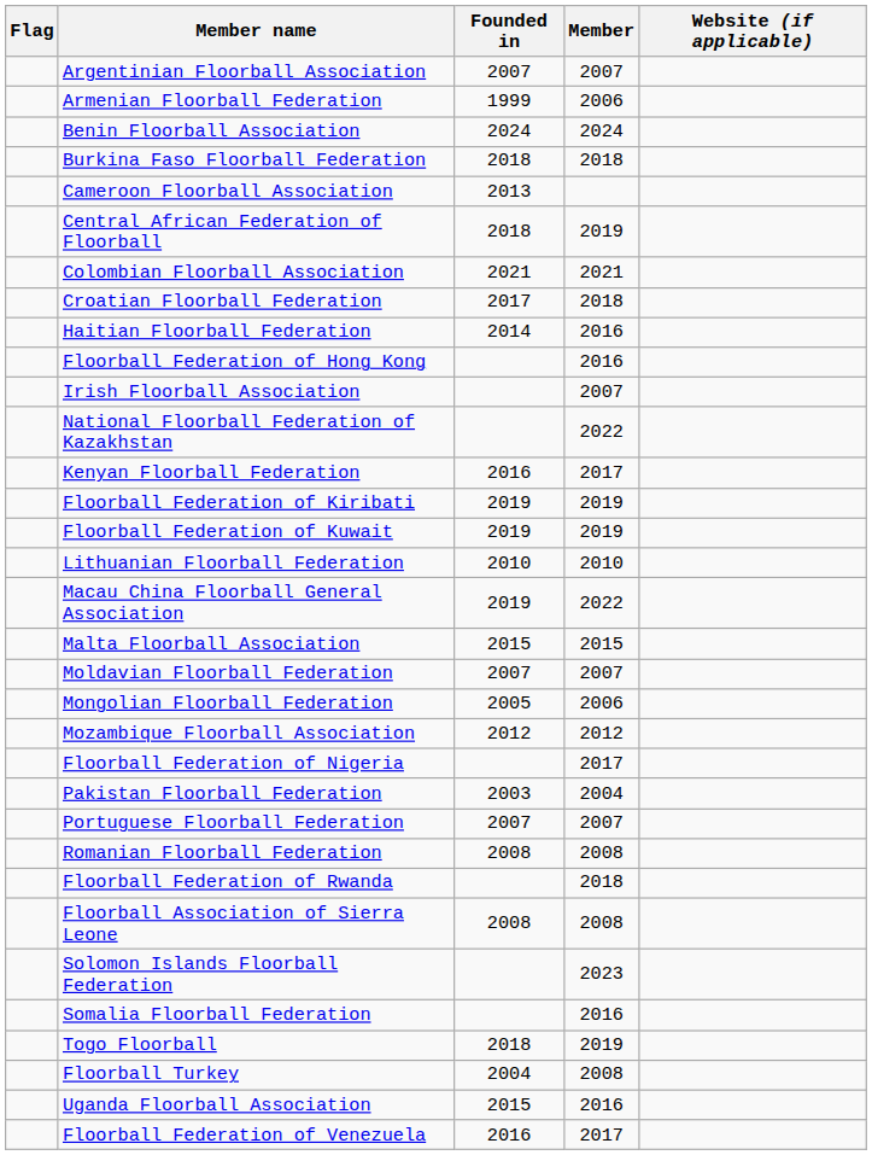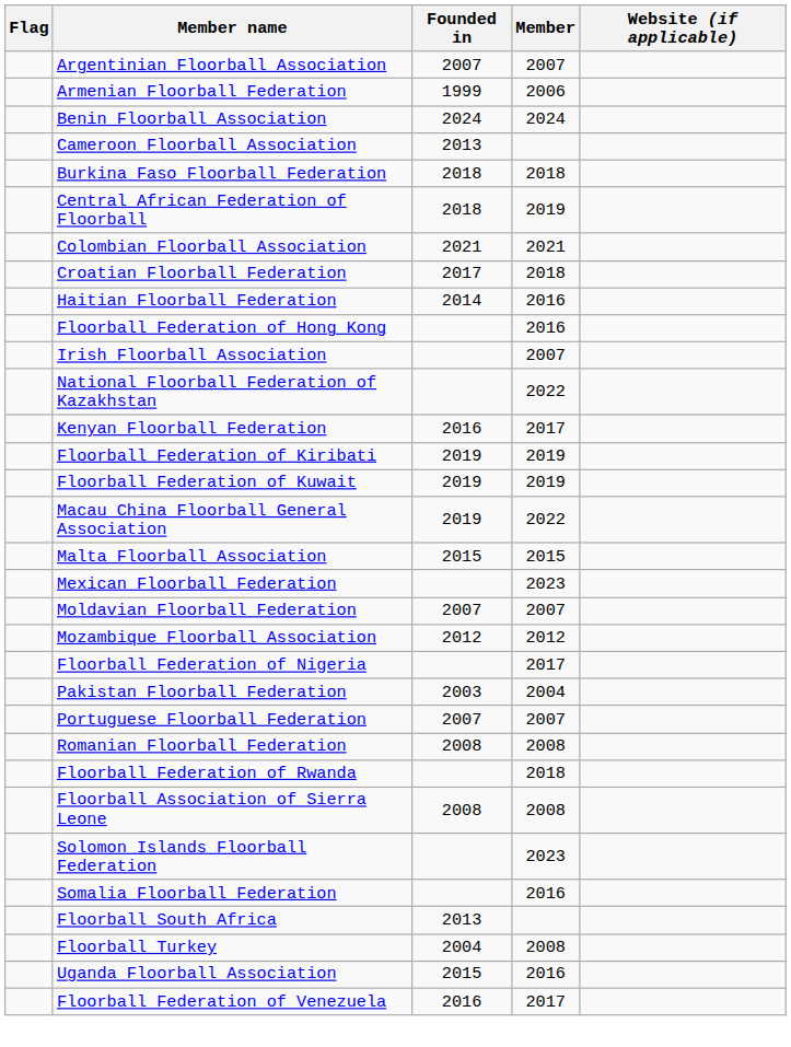 <table class="wikitable sortable">
 <tr>
 <th>Flag</th>
 <th>Member name</th>
 <th>Founded in</th>
 <th>Member</th>
 <th>Website <em>(if applicable)</em></th>
 </tr>
 <tr>
 <td></td>
 <td><a href='#'>Argentinian Floorball Association</a>  </td>
 <td align=center>2007</td>
 <td align=center>2007</td>
 <td></td>
 </tr>
 <tr>
 <td></td>
 <td><a href='#'>Armenian Floorball Federation</a></td>
 <td align=center>1999</td>
 <td align=center>2006</td>
 <td></td>
 </tr>
 <tr>
 <td></td>
 <td><a href='#'>Benin Floorball Association</a></td>
 <td align=center>2024</td>
 <td align=center>2024</td>
 <td></td>
 </tr>
 <tr>
 <td></td>
-<td><a href='#'>Burkina Faso Floorball Federation</a></td>
-<td align=center>2018</td>
-<td align=center>2018</td>
+<td><a href='#'>Cameroon Floorball Association</a></td>
+<td align=center>2013</td>
+<td align=center data-sort-value=9999></td>
 <td></td>
 </tr>
 <tr>
 <td></td>
-<td><a href='#'>Cameroon Floorball Association</a></td>
-<td align=center>2013</td>
-<td align=center data-sort-value=9999></td>
+<td><a href='#'>Burkina Faso Floorball Federation</a></td>
+<td align=center>2018</td>
+<td align=center>2018</td>
 <td></td>
 </tr>
 <tr>
 <td></td>
 <td><a href='#'>Central African Federation of Floorball</a></td>
 <td align=center>2018</td>
 <td align=center>2019</td>
 <td></td>
 </tr>
 <tr>
 <td></td>
 <td><a href='#'>Colombian Floorball Association</a></td>
 <td align=center>2021</td>
 <td align=center>2021</td>
 <td></td>
 </tr>
 <tr>
 <td></td>
 <td><a href='#'>Croatian Floorball Federation</a></td>
 <td align=center>2017</td>
 <td align=center>2018</td>
 <td></td>
 </tr>
 <tr>
 <td></td>
 <td><a href='#'>Haitian Floorball Federation</a></td>
 <td align=center>2014</td>
 <td align=center>2016</td>
 <td></td>
 </tr>
 <tr>
 <td></td>
 <td><a href='#'>Floorball Federation of Hong Kong</a></td>
 <td data-sort-value=9999></td>
 <td align=center>2016</td>
 <td></td>
 </tr>
 <tr>
 <td></td>
 <td><a href='#'>Irish Floorball Association</a></td>
 <td data-sort-value=9999></td>
 <td align=center>2007</td>
 <td></td>
 </tr>
 <tr>
 <td></td>
 <td><a href='#'>National Floorball Federation of Kazakhstan</a></td>
 <td data-sort-value=9999></td>
 <td align=center>2022</td>
 <td></td>
 </tr>
 <tr>
 <td></td>
 <td><a href='#'>Kenyan Floorball Federation</a></td>
 <td align=center>2016</td>
 <td align=center>2017</td>
 <td></td>
 </tr>
 <tr>
 <td></td>
 <td><a href='#'>Floorball Federation of Kiribati</a></td>
 <td align=center>2019</td>
 <td align="center">2019</td>
 <td></td>
 </tr>
 <tr>
 <td></td>
 <td><a href='#'>Floorball Federation of Kuwait</a></td>
 <td align=center>2019</td>
 <td align=center>2019</td>
 <td></td>
 </tr>
 <tr>
 <td></td>
-<td><a href='#'>Lithuanian Floorball Federation</a></td>
-<td align=center>2010</td>
-<td align=center>2010</td>
-<td></td>
-</tr>
-<tr>
-<td></td>
 <td><a href='#'>Macau China Floorball General Association</a></td>
 <td align=center>2019</td>
 <td align=center>2022</td>
 <td></td>
 </tr>
 <tr>
 <td></td>
 <td><a href='#'>Malta Floorball Association</a></td>
 <td align=center>2015</td>
 <td align=center>2015</td>
 <td></td>
 </tr>
 <tr>
 <td></td>
-<td><a href='#'>Moldavian Floorball Federation</a></td>
-<td align=center>2007</td>
-<td align=center>2007</td>
+<td><a href='#'>Mexican Floorball Federation</a></td>
+<td data-sort-value=9999></td>
+<td align=center>2023</td>
 <td></td>
 </tr>
 <tr>
 <td></td>
-<td><a href='#'>Mongolian Floorball Federation</a></td>
-<td align=center>2005</td>
-<td align=center>2006</td>
+<td><a href='#'>Moldavian Floorball Federation</a></td>
+<td align=center>2007</td>
+<td align=center>2007</td>
 <td></td>
 </tr>
 <tr>
 <td></td>
 <td><a href='#'>Mozambique Floorball Association</a></td>
 <td align=center>2012</td>
 <td align=center>2012</td>
 <td></td>
 </tr>
 <tr>
 <td></td>
 <td><a href='#'>Floorball Federation of Nigeria</a></td>
 <td align=center data-sort-value=9999></td>
 <td align=center>2017</td>
 <td></td>
 </tr>
 <tr>
 <td></td>
 <td><a href='#'>Pakistan Floorball Federation</a></td>
 <td align=center>2003</td>
 <td align=center>2004</td>
 <td></td>
 </tr>
 <tr>
 <td></td>
 <td><a href='#'>Portuguese Floorball Federation</a></td>
 <td align=center>2007</td>
 <td align=center>2007</td>
 <td></td>
 </tr>
 <tr>
 <td></td>
 <td><a href='#'>Romanian Floorball Federation</a></td>
 <td align=center>2008</td>
 <td align=center>2008</td>
 <td></td>
 </tr>
 <tr>
 <td></td>
 <td><a href='#'>Floorball Federation of Rwanda</a></td>
 <td align=center data-sort-value=9999></td>
 <td align=center>2018</td>
 <td></td>
 </tr>
 <tr>
 <td></td>
 <td><a href='#'>Floorball Association of Sierra Leone</a></td>
 <td align=center>2008</td>
 <td align=center>2008</td>
 <td></td>
 </tr>
 <tr>
 <td></td>
 <td><a href='#'>Solomon Islands Floorball Federation</a></td>
 <td align=center data-sort-value=9999></td>
 <td align=center>2023</td>
 <td></td>
 </tr>
 <tr>
 <td></td>
 <td><a href='#'>Somalia Floorball Federation</a></td>
 <td align=center data-sort-value=9999></td>
 <td align=center>2016</td>
 <td></td>
 </tr>
 <tr>
 <td></td>
-<td><a href='#'>Togo Floorball</a></td>
-<td align=center>2018</td>
-<td align=center>2019</td>
+<td><a href='#'>Floorball South Africa</a></td>
+<td align=center>2013</td>
+<td align=center data-sort-value=9999></td>
 <td></td>
 </tr>
 <tr>
 <td></td>
 <td><a href='#'>Floorball Turkey</a></td>
 <td align=center>2004</td>
 <td align=center>2008</td>
 <td></td>
 </tr>
 <tr>
 <td></td>
 <td><a href='#'>Uganda Floorball Association</a></td>
 <td align=center>2015</td>
 <td align=center>2016</td>
 <td></td>
 </tr>
 <tr>
 <td></td>
 <td><a href='#'>Floorball Federation of Venezuela</a></td>
 <td align=center>2016</td>
 <td align=center>2017</td>
 <td></td>
 </tr>
 </table>
